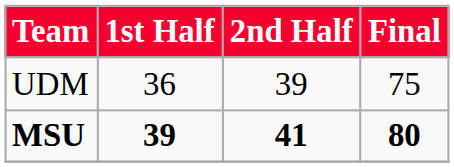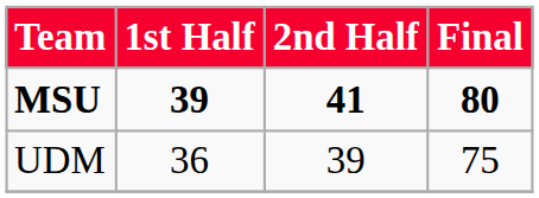 <table class="wikitable" align=right>
 <tr style="background: #F5002F; color: #FFFFFF">
 <td><strong>Team</strong></td>
 <td><strong>1st Half</strong></td>
 <td><strong>2nd Half</strong></td>
 <td><strong>Final</strong></td>
 </tr>
 <tr>
+<td><strong>MSU</strong></td>
+<td align=center><strong>39</strong></td>
+<td align=center><strong>41</strong></td>
+<td align=center><strong>80</strong></td>
+</tr>
+<tr>
 <td>UDM</td>
 <td align=center>36</td>
 <td align=center>39</td>
 <td align=center>75</td>
 </tr>
 <tr>
-<td><strong>MSU</strong></td>
-<td align=center><strong>39</strong></td>
-<td align=center><strong>41</strong></td>
-<td align=center><strong>80</strong></td>
-</tr>
-<tr>
 </tr>
 </table>
